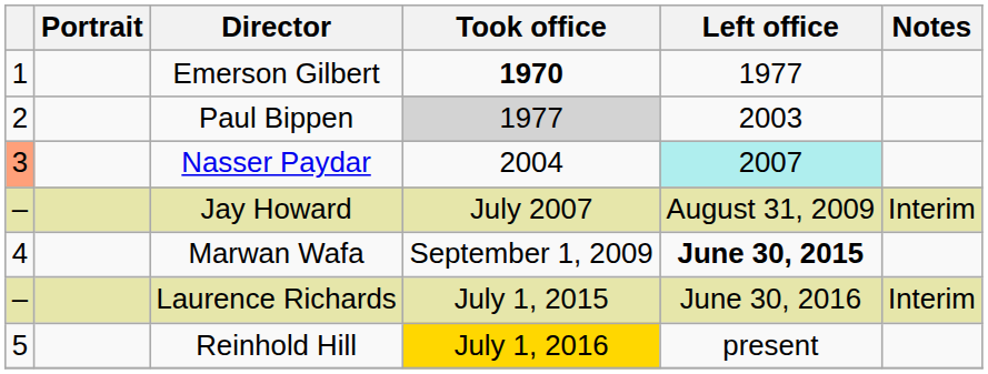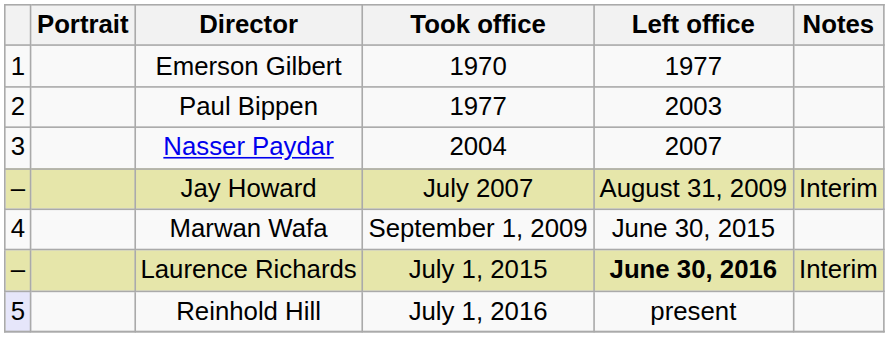 <table class=wikitable style="text-align:center">
 <tr>
 <th></th>
 <th>Portrait</th>
 <th>Director</th>
 <th>Took office</th>
 <th>Left office</th>
 <th>Notes</th>
 </tr>
 <tr>
 <td>1</td>
 <td></td>
 <td>Emerson Gilbert</td>
-<td><strong>1970</strong></td>
+<td>1970</td>
 <td>1977</td>
 <td></td>
 </tr>
 <tr>
 <td>2</td>
 <td></td>
 <td>Paul Bippen</td>
-<td style="background: lightgrey;">1977</td>
+<td>1977</td>
 <td>2003</td>
 <td></td>
 </tr>
 <tr>
-<td style="background: lightsalmon;">3</td>
+<td>3</td>
 <td></td>
 <td><a href='#'>Nasser Paydar</a></td>
 <td>2004</td>
-<td style="background: paleturquoise;">2007</td>
+<td>2007</td>
 <td></td>
 </tr>
 <tr bgcolor="#e6e6aa">
 <td>–</td>
 <td></td>
 <td>Jay Howard</td>
 <td>July 2007</td>
 <td>August 31, 2009</td>
 <td>Interim</td>
 </tr>
 <tr>
 <td>4</td>
 <td></td>
 <td>Marwan Wafa</td>
 <td>September 1, 2009</td>
-<td><strong>June 30, 2015</strong></td>
+<td>June 30, 2015</td>
 <td></td>
 </tr>
 <tr bgcolor="#e6e6aa">
 <td>–</td>
 <td></td>
 <td>Laurence Richards</td>
 <td>July 1, 2015</td>
-<td>June 30, 2016</td>
+<td><strong>June 30, 2016</strong></td>
 <td>Interim</td>
 </tr>
 <tr>
-<td>5</td>
+<td style="background: lavender;">5</td>
 <td></td>
 <td>Reinhold Hill</td>
-<td style="background: gold;">July 1, 2016</td>
+<td>July 1, 2016</td>
 <td>present</td>
 <td></td>
 </tr>
 <tr>
 </tr>
 </table>
